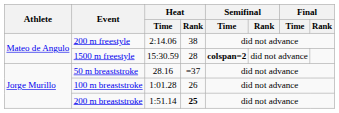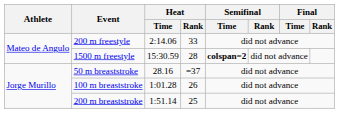 <table class=wikitable style="font-size:90%">
 <tr>
 <th rowspan="2">Athlete</th>
 <th rowspan="2">Event</th>
 <th colspan="2">Heat</th>
 <th colspan="2">Semifinal</th>
 <th colspan="2">Final</th>
 </tr>
 <tr style="font-size:95%">
 <th>Time</th>
 <th>Rank</th>
 <th>Time</th>
 <th>Rank</th>
 <th>Time</th>
 <th>Rank</th>
 </tr>
 <tr align=center>
 <td align=left rowspan=2><a href='#'>Mateo de Angulo</a></td>
 <td align=left><a href='#'>200 m freestyle</a></td>
 <td>2:14.06</td>
-<td>38</td>
+<td>33</td>
 <td colspan=4>did not advance</td>
 </tr>
 <tr align=center>
 <td align=left><a href='#'>1500 m freestyle</a></td>
 <td>15:30.59</td>
 <td>28</td>
 <td><strong>colspan=2 </strong></td>
 <td colspan=2>did not advance</td>
 </tr>
 <tr align=center>
 <td align=left rowspan=3><a href='#'>Jorge Murillo</a></td>
 <td align=left><a href='#'>50 m breaststroke</a></td>
 <td>28.16</td>
 <td>=37</td>
 <td colspan=4>did not advance</td>
 </tr>
 <tr align=center>
 <td align=left><a href='#'>100 m breaststroke</a></td>
 <td>1:01.28</td>
 <td>26</td>
 <td colspan=4>did not advance</td>
 </tr>
 <tr align=center>
 <td align=left><a href='#'>200 m breaststroke</a></td>
 <td>1:51.14</td>
-<td><strong>25</strong></td>
+<td>25</td>
 <td colspan=4>did not advance</td>
 </tr>
 </table>
